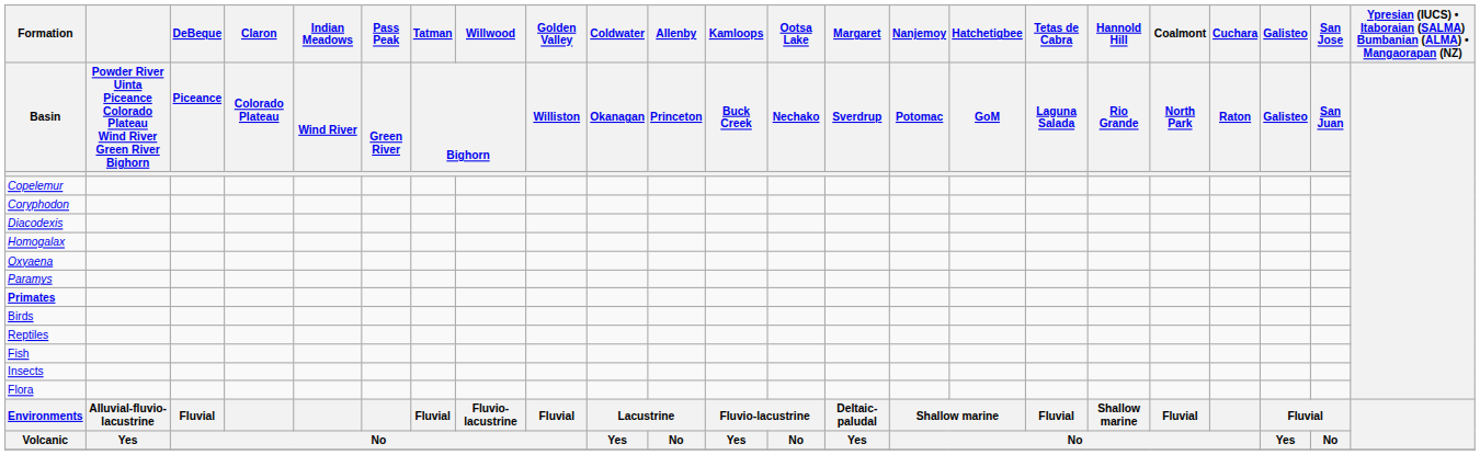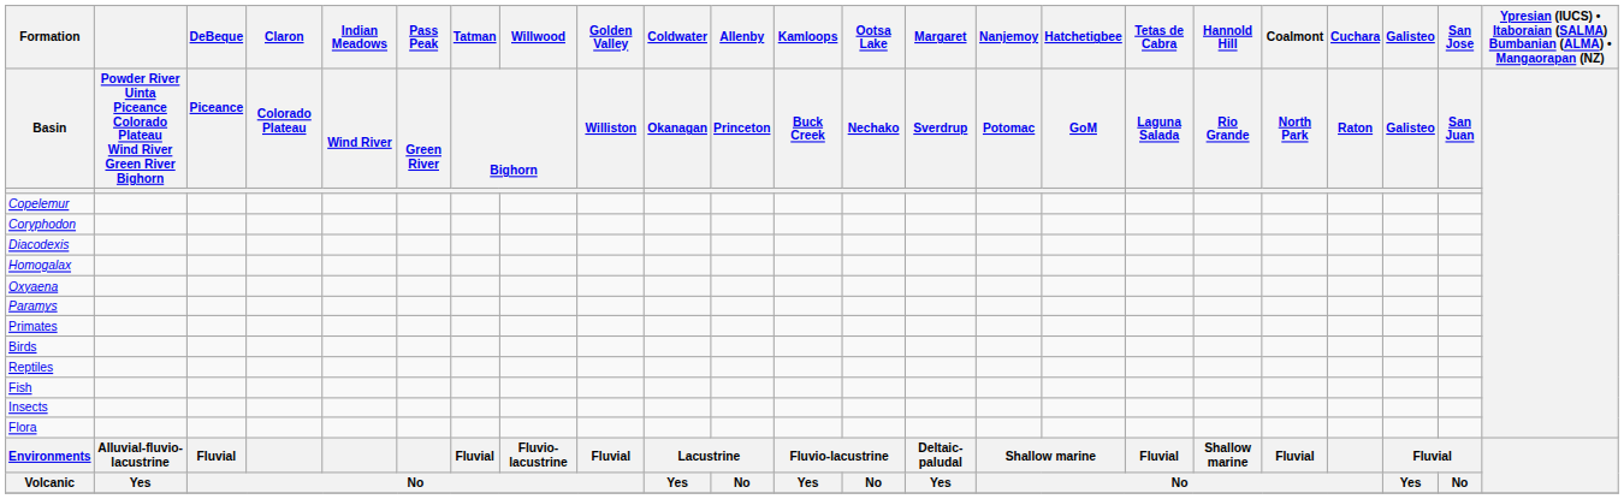 <table class="wikitable" style="font-size: 60%">
 <tr>
 <th>Formation</th>
 <th></th>
 <th><a href='#'>DeBeque</a></th>
 <th><a href='#'>Claron</a></th>
 <th><a href='#'>Indian Meadows</a></th>
 <th><a href='#'>Pass Peak</a></th>
 <th><a href='#'>Tatman</a></th>
 <th><a href='#'>Willwood</a></th>
 <th><a href='#'>Golden Valley</a></th>
 <th><a href='#'>Coldwater</a></th>
 <th><a href='#'>Allenby</a></th>
 <th><a href='#'>Kamloops</a></th>
 <th><a href='#'>Ootsa Lake</a></th>
 <th><a href='#'>Margaret</a></th>
 <th><a href='#'>Nanjemoy</a></th>
 <th><a href='#'>Hatchetigbee</a></th>
 <th><a href='#'>Tetas de Cabra</a></th>
 <th><a href='#'>Hannold Hill</a></th>
 <th>Coalmont</th>
 <th><a href='#'>Cuchara</a></th>
 <th><a href='#'>Galisteo</a></th>
 <th><a href='#'>San Jose</a></th>
 <th><a href='#'>Ypresian</a> (IUCS) • <a href='#'>Itaboraian</a> (<a href='#'>SALMA</a>)<br><a href='#'>Bumbanian</a> (<a href='#'>ALMA</a>) • <a href='#'>Mangaorapan</a> (NZ)</th>
 </tr>
 <tr>
 <th>Basin</th>
 <th><a href='#'>Powder River</a><br><a href='#'>Uinta</a><br><a href='#'>Piceance</a><br><a href='#'>Colorado Plateau</a><br><a href='#'>Wind River</a><br><a href='#'>Green River</a><br><a href='#'>Bighorn</a></th>
 <th><a href='#'>Piceance</a><br><br><br><br></th>
 <th><br><a href='#'>Colorado Plateau</a><br><br><br></th>
 <th><br><br><br><a href='#'>Wind River</a><br><br></th>
 <th><br><br><br><br><a href='#'>Green River</a><br></th>
 <th colspan=2><br><br><br><br><br><br><a href='#'>Bighorn</a></th>
 <th><a href='#'>Williston</a></th>
 <th><a href='#'>Okanagan</a></th>
 <th><a href='#'>Princeton</a></th>
 <th><a href='#'>Buck Creek</a></th>
 <th><a href='#'>Nechako</a></th>
 <th><a href='#'>Sverdrup</a></th>
 <th><a href='#'>Potomac</a></th>
 <th><a href='#'>GoM</a></th>
 <th><a href='#'>Laguna Salada</a></th>
 <th><a href='#'>Rio Grande</a></th>
 <th><a href='#'>North Park</a></th>
 <th><a href='#'>Raton</a></th>
 <th><a href='#'>Galisteo</a></th>
 <th><a href='#'>San Juan</a></th>
 <th align=center rowspan=14></th>
 </tr>
 <tr>
 <th></th>
 <th colspan=8></th>
 <th colspan=5></th>
 <th colspan=2></th>
 <th></th>
 <th colspan=5></th>
 </tr>
 <tr>
 <td><em><a href='#'>Copelemur</a></em></td>
 <td align=center></td>
 <td align=center></td>
 <td align=center></td>
 <td align=center></td>
 <td align=center></td>
 <td align=center></td>
 <td align=center></td>
 <td align=center></td>
 <td align=center></td>
 <td align=center></td>
 <td align=center></td>
 <td align=center></td>
 <td align=center></td>
 <td align=center></td>
 <td align=center></td>
 <td align=center></td>
 <td align=center></td>
 <td align=center></td>
 <td align=center></td>
 <td align=center></td>
 <td align=center></td>
 </tr>
 <tr>
 <td><em><a href='#'>Coryphodon</a></em></td>
 <td align=center></td>
 <td align=center></td>
 <td align=center></td>
 <td align=center></td>
 <td align=center></td>
 <td align=center></td>
 <td align=center></td>
 <td align=center></td>
 <td align=center></td>
 <td align=center></td>
 <td align=center></td>
 <td align=center></td>
 <td align=center></td>
 <td align=center></td>
 <td align=center></td>
 <td align=center></td>
 <td align=center></td>
 <td align=center></td>
 <td align=center></td>
 <td align=center></td>
 <td align=center></td>
 </tr>
 <tr>
 <td><em><a href='#'>Diacodexis</a></em></td>
 <td align=center></td>
 <td align=center></td>
 <td align=center></td>
 <td align=center></td>
 <td align=center></td>
 <td align=center></td>
 <td align=center></td>
 <td align=center></td>
 <td align=center></td>
 <td align=center></td>
 <td align=center></td>
 <td align=center></td>
 <td align=center></td>
 <td align=center></td>
 <td align=center></td>
 <td align=center></td>
 <td align=center></td>
 <td align=center></td>
 <td align=center></td>
 <td align=center></td>
 <td align=center></td>
 </tr>
 <tr>
 <td><em><a href='#'>Homogalax</a></em></td>
 <td align=center></td>
 <td align=center></td>
 <td align=center></td>
 <td align=center></td>
 <td align=center></td>
 <td align=center></td>
 <td align=center></td>
 <td align=center></td>
 <td align=center></td>
 <td align=center></td>
 <td align=center></td>
 <td align=center></td>
 <td align=center></td>
 <td align=center></td>
 <td align=center></td>
 <td align=center></td>
 <td align=center></td>
 <td align=center></td>
 <td align=center></td>
 <td align=center></td>
 <td align=center></td>
 </tr>
 <tr>
 <td><em><a href='#'>Oxyaena</a></em></td>
 <td align=center></td>
 <td align=center></td>
 <td align=center></td>
 <td align=center></td>
 <td align=center></td>
 <td align=center></td>
 <td align=center></td>
 <td align=center></td>
 <td align=center></td>
 <td align=center></td>
 <td align=center></td>
 <td align=center></td>
 <td align=center></td>
 <td align=center></td>
 <td align=center></td>
 <td align=center></td>
 <td align=center></td>
 <td align=center></td>
 <td align=center></td>
 <td align=center></td>
 <td align=center></td>
 </tr>
 <tr>
 <td><em><a href='#'>Paramys</a></em></td>
 <td align=center></td>
 <td align=center></td>
 <td align=center></td>
 <td align=center></td>
 <td align=center></td>
 <td align=center></td>
 <td align=center></td>
 <td align=center></td>
 <td align=center></td>
 <td align=center></td>
 <td align=center></td>
 <td align=center></td>
 <td align=center></td>
 <td align=center></td>
 <td align=center></td>
 <td align=center></td>
 <td align=center></td>
 <td align=center></td>
 <td align=center></td>
 <td align=center></td>
 <td align=center></td>
 </tr>
 <tr>
-<td><strong><a href='#'>Primates</a></strong></td>
+<td><a href='#'>Primates</a></td>
 <td align=center></td>
 <td align=center></td>
 <td align=center></td>
 <td align=center></td>
 <td align=center></td>
 <td align=center></td>
 <td align=center></td>
 <td align=center></td>
 <td align=center></td>
 <td align=center></td>
 <td align=center></td>
 <td align=center></td>
 <td align=center></td>
 <td align=center></td>
 <td align=center></td>
 <td align=center></td>
 <td align=center></td>
 <td align=center></td>
 <td align=center></td>
 <td align=center></td>
 <td align=center></td>
 </tr>
 <tr>
 <td><a href='#'>Birds</a></td>
 <td align=center></td>
 <td align=center></td>
 <td align=center></td>
 <td align=center></td>
 <td align=center></td>
 <td align=center></td>
 <td align=center></td>
 <td align=center></td>
 <td align=center></td>
 <td align=center></td>
 <td align=center></td>
 <td align=center></td>
 <td align=center></td>
 <td align=center></td>
 <td align=center></td>
 <td align=center></td>
 <td align=center></td>
 <td align=center></td>
 <td align=center></td>
 <td align=center></td>
 <td align=center></td>
 </tr>
 <tr>
 <td><a href='#'>Reptiles</a></td>
 <td align=center></td>
 <td align=center></td>
 <td align=center></td>
 <td align=center></td>
 <td align=center></td>
 <td align=center></td>
 <td align=center></td>
 <td align=center></td>
 <td align=center></td>
 <td align=center></td>
 <td align=center></td>
 <td align=center></td>
 <td align=center></td>
 <td align=center></td>
 <td align=center></td>
 <td align=center></td>
 <td align=center></td>
 <td align=center></td>
 <td align=center></td>
 <td align=center></td>
 <td align=center></td>
 </tr>
 <tr>
 <td><a href='#'>Fish</a></td>
 <td align=center></td>
 <td align=center></td>
 <td align=center></td>
 <td align=center></td>
 <td align=center></td>
 <td align=center></td>
 <td align=center></td>
 <td align=center></td>
 <td align=center></td>
 <td align=center></td>
 <td align=center></td>
 <td align=center></td>
 <td align=center></td>
 <td align=center></td>
 <td align=center></td>
 <td align=center></td>
 <td align=center></td>
 <td align=center></td>
 <td align=center></td>
 <td align=center></td>
 <td align=center></td>
 </tr>
 <tr>
 <td><a href='#'>Insects</a></td>
 <td align=center></td>
 <td align=center></td>
 <td align=center></td>
 <td align=center></td>
 <td align=center></td>
 <td align=center></td>
 <td align=center></td>
 <td align=center></td>
 <td align=center></td>
 <td align=center></td>
 <td align=center></td>
 <td align=center></td>
 <td align=center></td>
 <td align=center></td>
 <td align=center></td>
 <td align=center></td>
 <td align=center></td>
 <td align=center></td>
 <td align=center></td>
 <td align=center></td>
 <td align=center></td>
 </tr>
 <tr>
 <td><a href='#'>Flora</a></td>
 <td align=center></td>
 <td align=center></td>
 <td align=center></td>
 <td align=center></td>
 <td align=center></td>
 <td align=center></td>
 <td align=center></td>
 <td align=center></td>
 <td align=center></td>
 <td align=center></td>
 <td align=center></td>
 <td align=center></td>
 <td align=center></td>
 <td align=center></td>
 <td align=center></td>
 <td align=center></td>
 <td align=center></td>
 <td align=center></td>
 <td align=center></td>
 <td align=center></td>
 <td align=center></td>
 </tr>
 <tr>
 <th><a href='#'>Environments</a></th>
 <th>Alluvial-fluvio-lacustrine</th>
 <th>Fluvial</th>
 <th></th>
 <th></th>
 <th></th>
 <th>Fluvial</th>
 <th>Fluvio-lacustrine</th>
 <th>Fluvial</th>
 <th colspan=2>Lacustrine</th>
 <th colspan=2>Fluvio-lacustrine</th>
 <th>Deltaic-paludal</th>
 <th colspan=2>Shallow marine</th>
 <th>Fluvial</th>
 <th>Shallow marine</th>
 <th>Fluvial</th>
 <th></th>
 <th colspan=2>Fluvial</th>
 <th rowspan=2 align=left><br><br></th>
 </tr>
 <tr>
 <th>Volcanic</th>
 <th>Yes</th>
 <th colspan=7>No</th>
 <th>Yes</th>
 <th>No</th>
 <th>Yes</th>
 <th>No</th>
 <th>Yes</th>
 <th colspan=6>No</th>
 <th>Yes</th>
 <th>No</th>
 </tr>
 <tr>
 </tr>
 </table>
